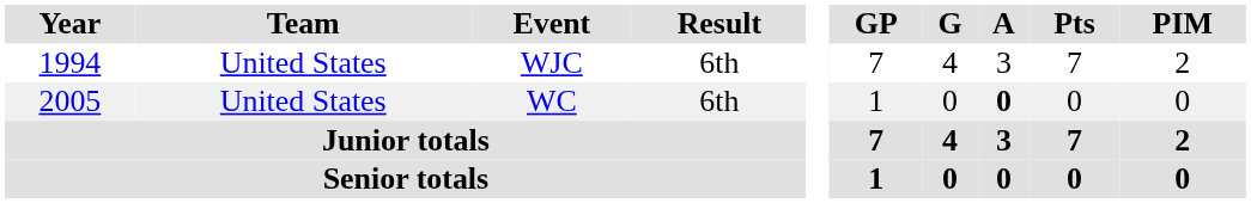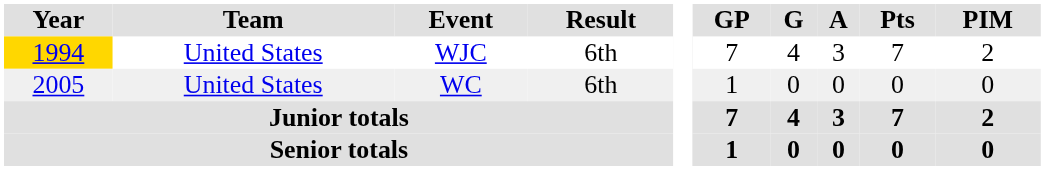 <table border="0" cellpadding="1" cellspacing="0" style="text-align:center; width:40em">
 <tr ALIGN="center" bgcolor="#e0e0e0">
 <th>Year</th>
 <th>Team</th>
 <th>Event</th>
 <th>Result</th>
 <th rowspan="99" bgcolor="#ffffff"> </th>
 <th>GP</th>
 <th>G</th>
 <th>A</th>
 <th>Pts</th>
 <th>PIM</th>
 </tr>
 <tr>
-<td><a href='#'>1994</a></td>
+<td style="background: gold;"><a href='#'>1994</a></td>
 <td><a href='#'>United States</a></td>
 <td><a href='#'>WJC</a></td>
 <td>6th</td>
 <td>7</td>
 <td>4</td>
 <td>3</td>
 <td>7</td>
 <td>2</td>
 </tr>
 <tr bgcolor="#f0f0f0">
 <td><a href='#'>2005</a></td>
 <td><a href='#'>United States</a></td>
 <td><a href='#'>WC</a></td>
 <td>6th</td>
 <td>1</td>
 <td>0</td>
-<td><strong>0</strong></td>
+<td>0</td>
 <td>0</td>
 <td>0</td>
 </tr>
 <tr bgcolor="#e0e0e0">
 <th colspan="4">Junior totals</th>
 <th>7</th>
 <th>4</th>
 <th>3</th>
 <th>7</th>
 <th>2</th>
 </tr>
 <tr bgcolor="#e0e0e0">
 <th colspan="4">Senior totals</th>
 <th>1</th>
 <th>0</th>
 <th>0</th>
 <th>0</th>
 <th>0</th>
 </tr>
 </table>
